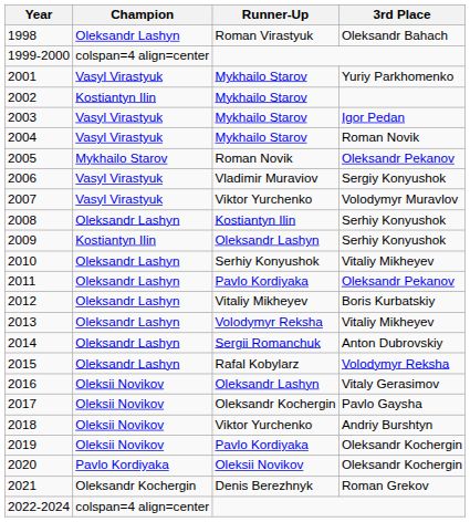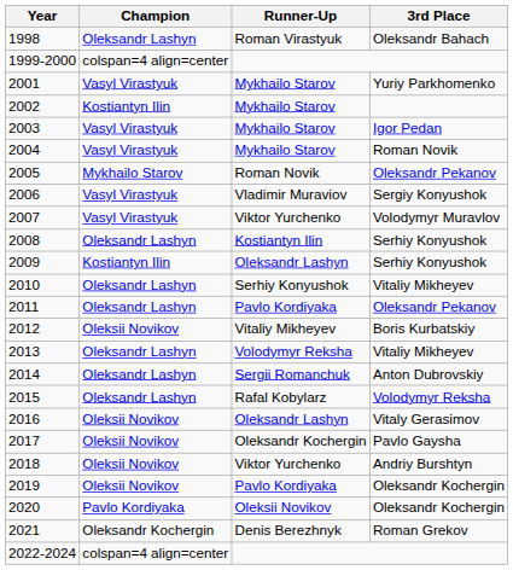 <table class="wikitable">
 <tr>
 <th>Year</th>
 <th>Champion</th>
 <th>Runner-Up</th>
 <th>3rd Place</th>
 </tr>
 <tr>
 <td>1998</td>
 <td> <a href='#'>Oleksandr Lashyn</a></td>
 <td> Roman Virastyuk</td>
 <td> Oleksandr Bahach</td>
 </tr>
 <tr>
 <td>1999-2000</td>
 <td>colspan=4 align=center </td>
 </tr>
 <tr>
 <td>2001</td>
 <td> <a href='#'>Vasyl Virastyuk</a></td>
 <td> <a href='#'>Mykhailo Starov</a></td>
 <td> Yuriy Parkhomenko</td>
 </tr>
 <tr>
 <td>2002</td>
 <td> <a href='#'>Kostiantyn Ilin</a></td>
 <td> <a href='#'>Mykhailo Starov</a></td>
 <td></td>
 </tr>
 <tr>
 <td>2003</td>
 <td> <a href='#'>Vasyl Virastyuk</a></td>
 <td> <a href='#'>Mykhailo Starov</a></td>
 <td> <a href='#'>Igor Pedan</a></td>
 </tr>
 <tr>
 <td>2004</td>
 <td> <a href='#'>Vasyl Virastyuk</a></td>
 <td> <a href='#'>Mykhailo Starov</a></td>
 <td> Roman Novik</td>
 </tr>
 <tr>
 <td>2005</td>
 <td> <a href='#'>Mykhailo Starov</a></td>
 <td> Roman Novik</td>
 <td> <a href='#'>Oleksandr Pekanov</a></td>
 </tr>
 <tr>
 <td>2006</td>
 <td> <a href='#'>Vasyl Virastyuk</a></td>
 <td> Vladimir Muraviov</td>
 <td> Sergiy Konyushok</td>
 </tr>
 <tr>
 <td>2007</td>
 <td> <a href='#'>Vasyl Virastyuk</a></td>
 <td> Viktor Yurchenko</td>
 <td> Volodymyr Muravlov</td>
 </tr>
 <tr>
 <td>2008</td>
 <td> <a href='#'>Oleksandr Lashyn</a></td>
 <td> <a href='#'>Kostiantyn Ilin</a></td>
 <td> Serhiy Konyushok</td>
 </tr>
 <tr>
 <td>2009</td>
 <td> <a href='#'>Kostiantyn Ilin</a></td>
 <td> <a href='#'>Oleksandr Lashyn</a></td>
 <td> Serhiy Konyushok</td>
 </tr>
 <tr>
 <td>2010</td>
 <td> <a href='#'>Oleksandr Lashyn</a></td>
 <td> Serhiy Konyushok</td>
 <td> Vitaliy Mikheyev</td>
 </tr>
 <tr>
 <td>2011</td>
 <td> <a href='#'>Oleksandr Lashyn</a></td>
 <td> <a href='#'>Pavlo Kordiyaka</a></td>
 <td> <a href='#'>Oleksandr Pekanov</a></td>
 </tr>
 <tr>
 <td>2012</td>
-<td> <a href='#'>Oleksandr Lashyn</a></td>
+<td> <a href='#'>Oleksii Novikov</a></td>
 <td> Vitaliy Mikheyev</td>
 <td> Boris Kurbatskiy</td>
 </tr>
 <tr>
 <td>2013</td>
 <td> <a href='#'>Oleksandr Lashyn</a></td>
 <td> <a href='#'>Volodymyr Reksha</a></td>
 <td> Vitaliy Mikheyev</td>
 </tr>
 <tr>
 <td>2014</td>
 <td> <a href='#'>Oleksandr Lashyn</a></td>
 <td> <a href='#'>Sergii Romanchuk</a></td>
 <td> Anton Dubrovskiy</td>
 </tr>
 <tr>
 <td>2015</td>
 <td> <a href='#'>Oleksandr Lashyn</a></td>
 <td> Rafal Kobylarz</td>
 <td> <a href='#'>Volodymyr Reksha</a></td>
 </tr>
 <tr>
 <td>2016</td>
 <td> <a href='#'>Oleksii Novikov</a></td>
 <td> <a href='#'>Oleksandr Lashyn</a></td>
 <td> Vitaly Gerasimov</td>
 </tr>
 <tr>
 <td>2017</td>
 <td> <a href='#'>Oleksii Novikov</a></td>
 <td> Oleksandr Kochergin</td>
 <td> Pavlo Gaysha</td>
 </tr>
 <tr>
 <td>2018</td>
 <td> <a href='#'>Oleksii Novikov</a></td>
 <td> Viktor Yurchenko</td>
 <td> Andriy Burshtyn</td>
 </tr>
 <tr>
 <td>2019</td>
 <td> <a href='#'>Oleksii Novikov</a></td>
 <td> <a href='#'>Pavlo Kordiyaka</a></td>
 <td> Oleksandr Kochergin</td>
 </tr>
 <tr>
 <td>2020</td>
 <td> <a href='#'>Pavlo Kordiyaka</a></td>
 <td> <a href='#'>Oleksii Novikov</a></td>
 <td> Oleksandr Kochergin</td>
 </tr>
 <tr>
 <td>2021</td>
 <td> Oleksandr Kochergin</td>
 <td> Denis Berezhnyk</td>
 <td> Roman Grekov</td>
 </tr>
 <tr>
 <td>2022-2024</td>
 <td>colspan=4 align=center </td>
 </tr>
 </table>
